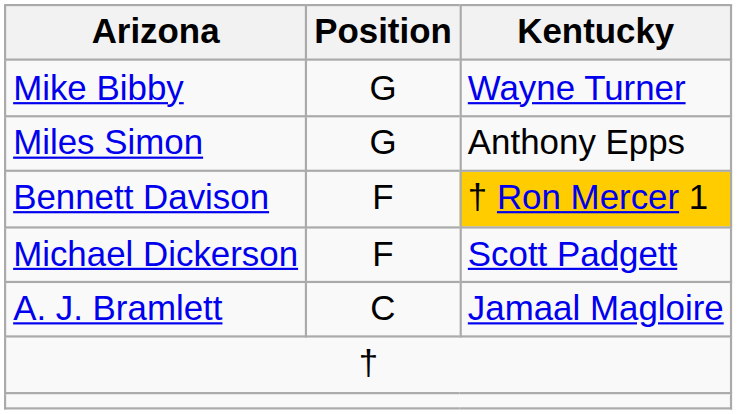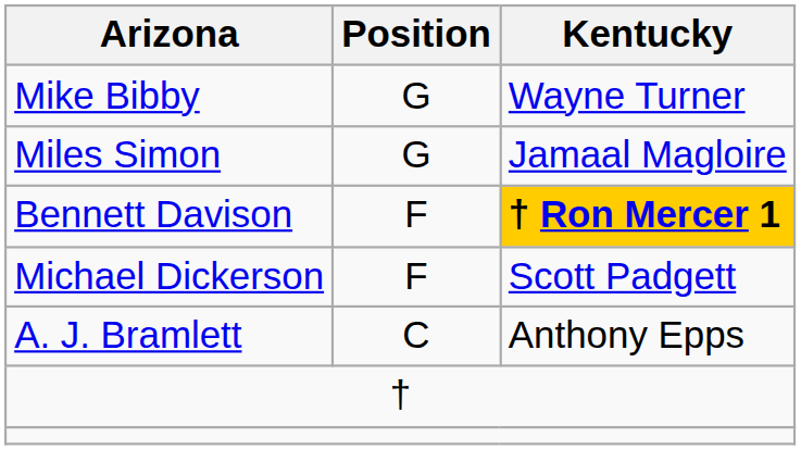 <table class="wikitable">
 <tr>
 <th>Arizona</th>
 <th colspan="2">Position</th>
 <th>Kentucky</th>
 </tr>
 <tr>
 <td><a href='#'>Mike Bibby</a></td>
 <td colspan=2 style="text-align:center">G</td>
 <td><a href='#'>Wayne Turner</a></td>
 </tr>
 <tr>
 <td><a href='#'>Miles Simon</a></td>
 <td colspan=2 style="text-align:center">G</td>
-<td>Anthony Epps</td>
+<td><a href='#'>Jamaal Magloire</a></td>
 </tr>
 <tr>
 <td><a href='#'>Bennett Davison</a></td>
 <td colspan=2 style="text-align:center">F</td>
-<td style="background:#ffcc00">† <a href='#'>Ron Mercer</a> 1</td>
+<td style="background:#ffcc00"><strong>† <a href='#'>Ron Mercer</a> 1</strong></td>
 </tr>
 <tr>
 <td><a href='#'>Michael Dickerson</a></td>
 <td colspan=2 style="text-align:center">F</td>
 <td><a href='#'>Scott Padgett</a></td>
 </tr>
 <tr>
 <td><a href='#'>A. J. Bramlett</a></td>
 <td colspan=2 style="text-align:center">C</td>
-<td><a href='#'>Jamaal Magloire</a></td>
+<td>Anthony Epps</td>
 </tr>
 <tr>
 <td colspan="5" align=center>† </td>
 </tr>
 <tr>
 <td colspan="5" align=center></td>
 </tr>
 </table>
